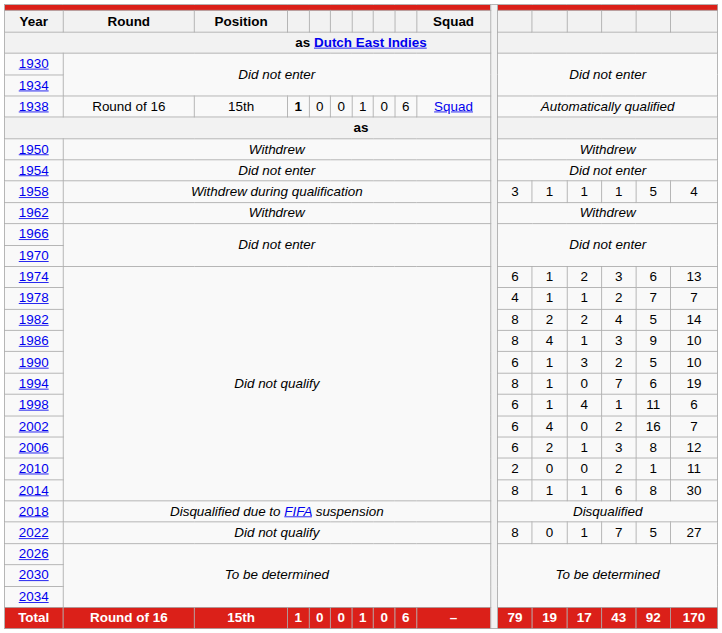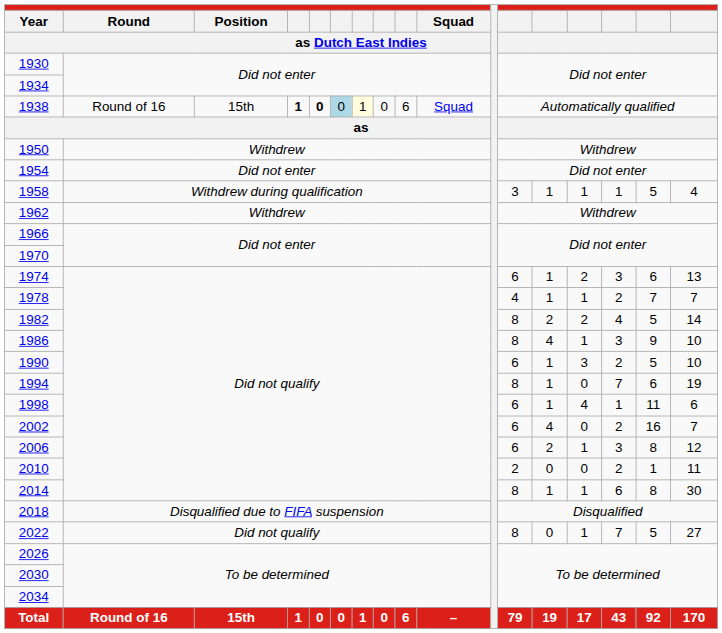 <table class="wikitable" style="text-align: center; width: 850px;">
 <tr>
 <th colspan=10 style="background: #DB2019; color: #FFFFFF;"><a href='#'></a></th>
 <th style="width:1%;" rowspan="30"></th>
 <th colspan=6 style="background: #DB2019; color: #FFFFFF;"><a href='#'></a></th>
 </tr>
 <tr>
 <th>Year</th>
 <th>Round</th>
 <th>Position</th>
 <th></th>
 <th></th>
 <th></th>
 <th></th>
 <th></th>
 <th></th>
 <th>Squad</th>
 <th></th>
 <th></th>
 <th></th>
 <th></th>
 <th></th>
 <th></th>
 </tr>
 <tr>
 <th colspan=17>as <strong> <a href='#'>Dutch East Indies</a></strong></th>
 </tr>
 <tr>
 <td> <a href='#'>1930</a></td>
 <td colspan=9 rowspan=2><em>Did not enter</em></td>
 <td colspan=6 rowspan=2><em>Did not enter</em></td>
 </tr>
 <tr>
 <td> <a href='#'>1934</a></td>
 </tr>
 <tr>
 <td> <a href='#'>1938</a></td>
 <td>Round of 16</td>
 <td>15th</td>
 <td><strong>1</strong></td>
-<td>0</td>
-<td>0</td>
-<td>1</td>
+<td><strong>0</strong></td>
+<td style="background: lightblue;">0</td>
+<td style="background: lightyellow;">1</td>
 <td>0</td>
 <td>6</td>
 <td><a href='#'>Squad</a></td>
 <td colspan=6><em>Automatically qualified</em></td>
 </tr>
 <tr>
 <th colspan=17>as <strong></strong></th>
 </tr>
 <tr>
 <td> <a href='#'>1950</a></td>
 <td colspan=9><em>Withdrew</em></td>
 <td colspan=6><em>Withdrew</em></td>
 </tr>
 <tr>
 <td> <a href='#'>1954</a></td>
 <td colspan=9><em>Did not enter</em></td>
 <td colspan=6><em>Did not enter</em></td>
 </tr>
 <tr>
 <td> <a href='#'>1958</a></td>
 <td colspan=9 rowspan=1><em>Withdrew during qualification</em></td>
 <td>3</td>
 <td>1</td>
 <td>1</td>
 <td>1</td>
 <td>5</td>
 <td>4</td>
 </tr>
 <tr>
 <td> <a href='#'>1962</a></td>
 <td colspan=9><em>Withdrew</em></td>
 <td colspan=6><em>Withdrew</em></td>
 </tr>
 <tr>
 <td> <a href='#'>1966</a></td>
 <td colspan=9 rowspan=2><em>Did not enter</em></td>
 <td colspan=6 rowspan=2><em>Did not enter</em></td>
 </tr>
 <tr>
 <td> <a href='#'>1970</a></td>
 </tr>
 <tr>
 <td> <a href='#'>1974</a></td>
 <td colspan=9 rowspan=11><em>Did not qualify</em></td>
 <td>6</td>
 <td>1</td>
 <td>2</td>
 <td>3</td>
 <td>6</td>
 <td>13</td>
 </tr>
 <tr>
 <td> <a href='#'>1978</a></td>
 <td>4</td>
 <td>1</td>
 <td>1</td>
 <td>2</td>
 <td>7</td>
 <td>7</td>
 </tr>
 <tr>
 <td> <a href='#'>1982</a></td>
 <td>8</td>
 <td>2</td>
 <td>2</td>
 <td>4</td>
 <td>5</td>
 <td>14</td>
 </tr>
 <tr>
 <td> <a href='#'>1986</a></td>
 <td>8</td>
 <td>4</td>
 <td>1</td>
 <td>3</td>
 <td>9</td>
 <td>10</td>
 </tr>
 <tr>
 <td> <a href='#'>1990</a></td>
 <td>6</td>
 <td>1</td>
 <td>3</td>
 <td>2</td>
 <td>5</td>
 <td>10</td>
 </tr>
 <tr>
 <td> <a href='#'>1994</a></td>
 <td>8</td>
 <td>1</td>
 <td>0</td>
 <td>7</td>
 <td>6</td>
 <td>19</td>
 </tr>
 <tr>
 <td> <a href='#'>1998</a></td>
 <td>6</td>
 <td>1</td>
 <td>4</td>
 <td>1</td>
 <td>11</td>
 <td>6</td>
 </tr>
 <tr>
 <td>  <a href='#'>2002</a></td>
 <td>6</td>
 <td>4</td>
 <td>0</td>
 <td>2</td>
 <td>16</td>
 <td>7</td>
 </tr>
 <tr>
 <td> <a href='#'>2006</a></td>
 <td>6</td>
 <td>2</td>
 <td>1</td>
 <td>3</td>
 <td>8</td>
 <td>12</td>
 </tr>
 <tr>
 <td> <a href='#'>2010</a></td>
 <td>2</td>
 <td>0</td>
 <td>0</td>
 <td>2</td>
 <td>1</td>
 <td>11</td>
 </tr>
 <tr>
 <td> <a href='#'>2014</a></td>
 <td>8</td>
 <td>1</td>
 <td>1</td>
 <td>6</td>
 <td>8</td>
 <td>30</td>
 </tr>
 <tr>
 <td> <a href='#'>2018</a></td>
 <td colspan=9><em>Disqualified due to <a href='#'>FIFA</a> suspension</em></td>
 <td colspan=6><em>Disqualified</em></td>
 </tr>
 <tr>
 <td> <a href='#'>2022</a></td>
 <td colspan=9><em>Did not qualify</em></td>
 <td>8</td>
 <td>0</td>
 <td>1</td>
 <td>7</td>
 <td>5</td>
 <td>27</td>
 </tr>
 <tr>
 <td>   <a href='#'>2026</a></td>
 <td colspan=9 rowspan=3><em>To be determined</em></td>
 <td colspan=6 rowspan=3><em>To be determined</em></td>
 </tr>
 <tr>
 <td>   <a href='#'>2030</a></td>
 </tr>
 <tr>
 <td> <a href='#'>2034</a></td>
 </tr>
 <tr>
 <td style="background: #DB2019; color: #FFFFFF;"><strong>Total</strong></td>
 <td style="background: #DB2019; color: #FFFFFF;"><strong>Round of 16</strong></td>
 <td style="background: #DB2019; color: #FFFFFF;"><strong>15th</strong></td>
 <td style="background: #DB2019; color: #FFFFFF;"><strong>1</strong></td>
 <td style="background: #DB2019; color: #FFFFFF;"><strong>0</strong></td>
 <td style="background: #DB2019; color: #FFFFFF;"><strong>0</strong></td>
 <td style="background: #DB2019; color: #FFFFFF;"><strong>1</strong></td>
 <td style="background: #DB2019; color: #FFFFFF;"><strong>0</strong></td>
 <td style="background: #DB2019; color: #FFFFFF;"><strong>6</strong></td>
 <td style="background: #DB2019; color: #FFFFFF;"><strong>–</strong></td>
 <td style="background: #DB2019; color: #FFFFFF;"><strong>79</strong></td>
 <td style="background: #DB2019; color: #FFFFFF;"><strong>19</strong></td>
 <td style="background: #DB2019; color: #FFFFFF;"><strong>17</strong></td>
 <td style="background: #DB2019; color: #FFFFFF;"><strong>43</strong></td>
 <td style="background: #DB2019; color: #FFFFFF;"><strong>92</strong></td>
 <td style="background: #DB2019; color: #FFFFFF;"><strong>170</strong></td>
 </tr>
 </table>
